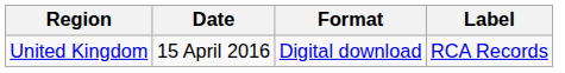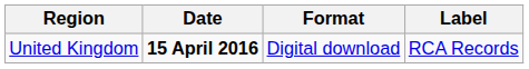 <table class=wikitable>
 <tr>
 <th>Region</th>
 <th>Date</th>
 <th>Format</th>
 <th>Label</th>
 </tr>
 <tr>
 <td><a href='#'>United Kingdom</a></td>
-<td>15 April 2016</td>
+<td><strong>15 April 2016</strong></td>
 <td><a href='#'>Digital download</a></td>
 <td><a href='#'>RCA Records</a></td>
 </tr>
 <tr>
 </tr>
 </table>
